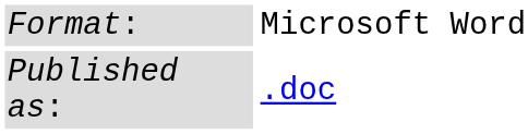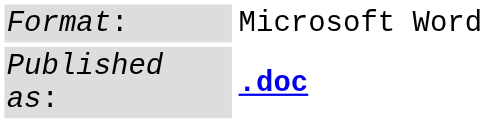 <table style="text-align:left;">
 <tr>
 <td style="background:#ddd; width:100px;"><em>Format</em>:</td>
 <td>Microsoft Word</td>
 </tr>
 <tr>
 <td style="background:#ddd;"><em>Published as</em>:</td>
-<td><code><a href='#'>.doc</a></code></td>
+<td><strong><code><a href='#'>.doc</a></code></strong></td>
 </tr>
 </table>
